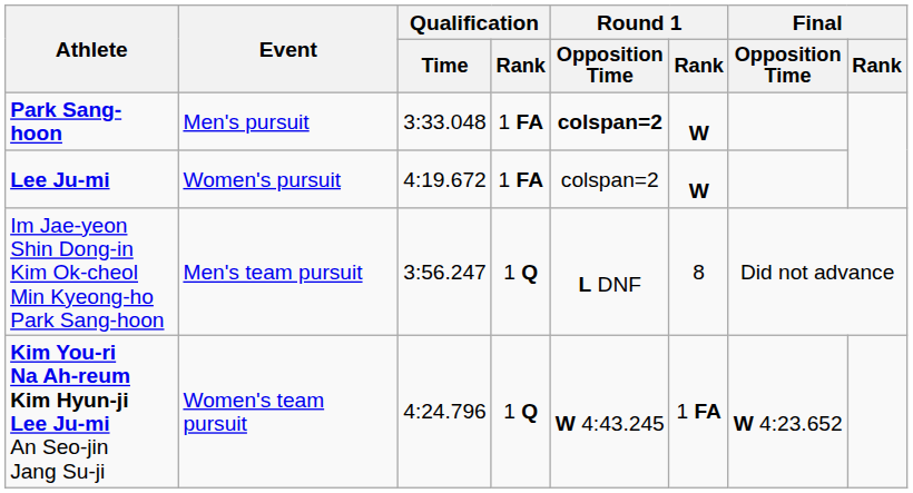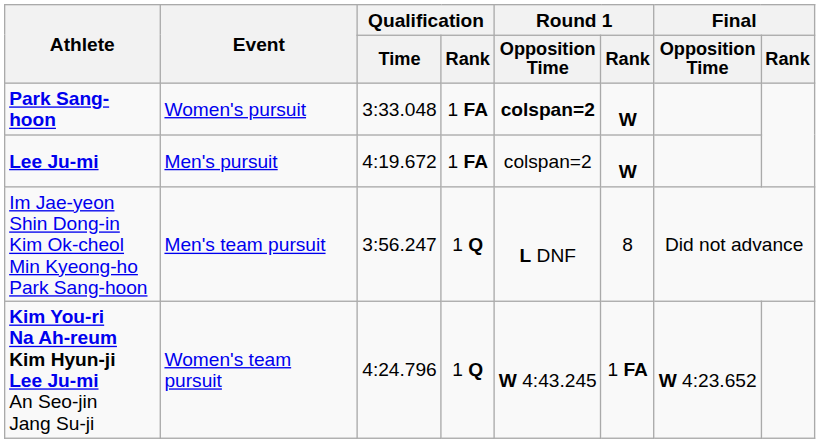 <table class=wikitable style=font-size:90%;text-align:center>
 <tr>
 <th rowspan="2">Athlete</th>
 <th rowspan="2">Event</th>
 <th colspan=2>Qualification</th>
 <th colspan=2>Round 1</th>
 <th colspan=2>Final</th>
 </tr>
 <tr style="font-size:95%">
 <th>Time</th>
 <th>Rank</th>
 <th>Opposition<br>Time</th>
 <th>Rank</th>
 <th>Opposition<br>Time</th>
 <th>Rank</th>
 </tr>
 <tr>
 <td align=left><strong><a href='#'>Park Sang-hoon</a></strong></td>
-<td align=left><a href='#'>Men's pursuit</a></td>
+<td align=left><a href='#'>Women's pursuit</a></td>
 <td>3:33.048 </td>
 <td>1 <strong>FA</strong></td>
 <td><strong>colspan=2 </strong></td>
 <td><br><strong>W</strong></td>
 <td></td>
 </tr>
 <tr>
 <td align=left><strong><a href='#'>Lee Ju-mi</a></strong></td>
-<td align=left><a href='#'>Women's pursuit</a></td>
+<td align=left><a href='#'>Men's pursuit</a></td>
 <td>4:19.672 </td>
 <td>1 <strong>FA</strong></td>
 <td>colspan=2 </td>
 <td><br><strong>W</strong></td>
 <td></td>
 </tr>
 <tr>
 <td align=left><a href='#'>Im Jae-yeon</a><br><a href='#'>Shin Dong-in</a><br><a href='#'>Kim Ok-cheol</a><br><a href='#'>Min Kyeong-ho</a><br><a href='#'>Park Sang-hoon</a></td>
 <td align=left><a href='#'>Men's team pursuit</a></td>
 <td>3:56.247 </td>
 <td>1 <strong>Q</strong></td>
 <td><br><strong>L</strong> DNF</td>
 <td>8</td>
 <td colspan=2>Did not advance</td>
 </tr>
 <tr>
 <td align=left><strong><a href='#'>Kim You-ri</a><br><a href='#'>Na Ah-reum</a><br>Kim Hyun-ji<br><a href='#'>Lee Ju-mi</a></strong><br>An Seo-jin<br>Jang Su-ji</td>
 <td align=left><a href='#'>Women's team pursuit</a></td>
 <td>4:24.796 </td>
 <td>1 <strong>Q</strong></td>
 <td><br><strong>W</strong> 4:43.245</td>
 <td>1 <strong>FA</strong></td>
 <td><br><strong>W</strong> 4:23.652 </td>
 <td></td>
 </tr>
 </table>
